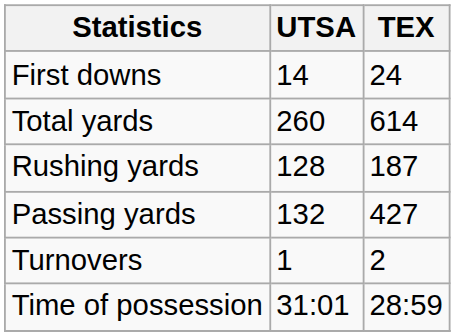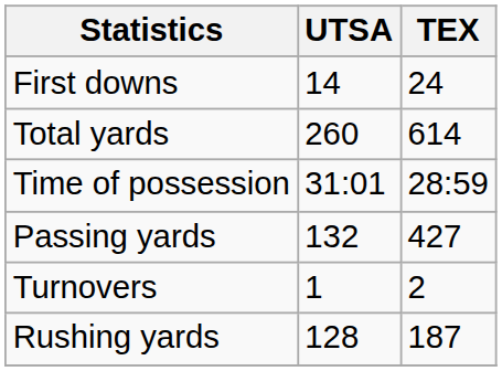 <table class="wikitable" style="float: left;">
 <tr>
 <th>Statistics</th>
 <th>UTSA</th>
 <th>TEX</th>
 </tr>
 <tr>
 <td>First downs</td>
 <td>14</td>
 <td>24</td>
 </tr>
 <tr>
 <td>Total yards</td>
 <td>260</td>
 <td>614</td>
 </tr>
 <tr>
-<td>Rushing yards</td>
-<td>128</td>
-<td>187</td>
+<td>Time of possession</td>
+<td>31:01</td>
+<td>28:59</td>
 </tr>
 <tr>
 <td>Passing yards</td>
 <td>132</td>
 <td>427</td>
 </tr>
 <tr>
 <td>Turnovers</td>
 <td>1</td>
 <td>2</td>
 </tr>
 <tr>
-<td>Time of possession</td>
-<td>31:01</td>
-<td>28:59</td>
+<td>Rushing yards</td>
+<td>128</td>
+<td>187</td>
 </tr>
 <tr>
 </tr>
 </table>
